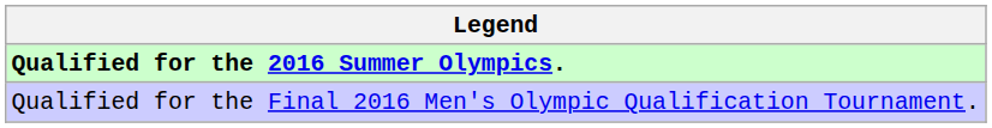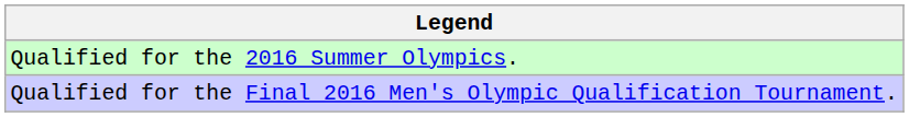 <table class="wikitable">
 <tr>
 <th>Legend</th>
 </tr>
 <tr bgcolor=ccffcc>
-<td><strong>Qualified for the <a href='#'>2016 Summer Olympics</a>.</strong></td>
+<td>Qualified for the <a href='#'>2016 Summer Olympics</a>.</td>
 </tr>
 <tr bgcolor=ccccff>
 <td>Qualified for the <a href='#'>Final 2016 Men's Olympic Qualification Tournament</a>.</td>
 </tr>
 </table>
